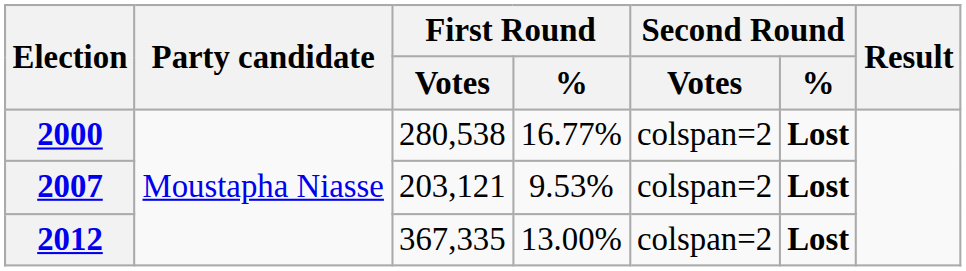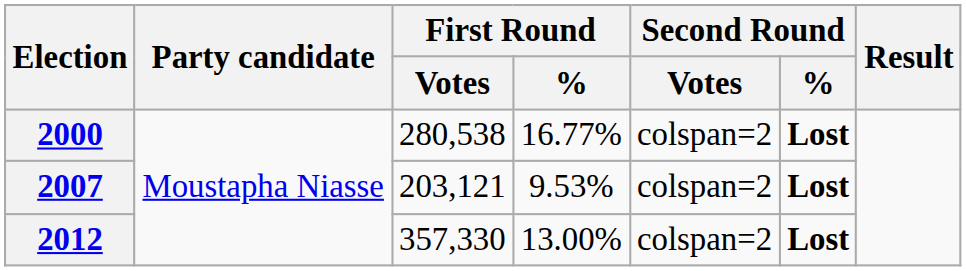 <table class="wikitable" style="text-align:center">
 <tr>
 <th rowspan="2">Election</th>
 <th rowspan="2">Party candidate</th>
 <th colspan="2">First Round</th>
 <th colspan="2">Second Round</th>
 <th rowspan="2">Result</th>
 </tr>
 <tr>
 <th><strong>Votes</strong></th>
 <th><strong>%</strong></th>
 <th><strong>Votes</strong></th>
 <th><strong>%</strong></th>
 </tr>
 <tr>
 <th><a href='#'>2000</a></th>
 <td rowspan=3><a href='#'>Moustapha Niasse</a></td>
 <td>280,538</td>
 <td>16.77%</td>
 <td>colspan=2 </td>
 <td><strong>Lost</strong> </td>
 </tr>
 <tr>
 <th><a href='#'>2007</a></th>
 <td>203,121</td>
 <td>9.53%</td>
 <td>colspan=2 </td>
 <td><strong>Lost</strong> </td>
 </tr>
 <tr>
 <th><a href='#'>2012</a></th>
-<td>367,335</td>
+<td>357,330</td>
 <td>13.00%</td>
 <td>colspan=2 </td>
 <td><strong>Lost</strong> </td>
 </tr>
 </table>
